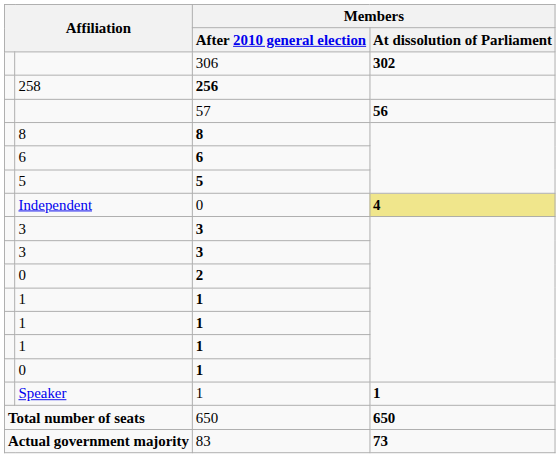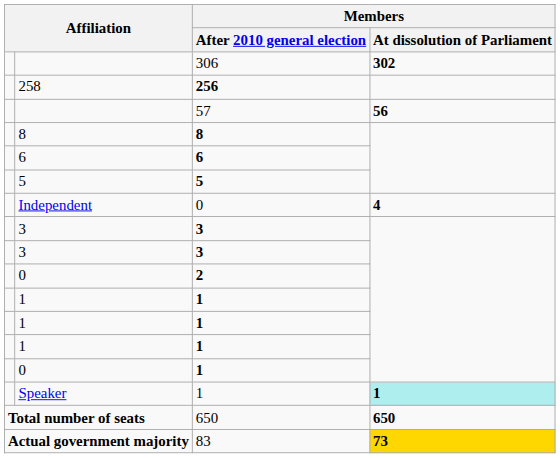 <table class="wikitable">
 <tr>
 <th colspan="2" rowspan="2" style="vertical-align:middle;">Affiliation</th>
 <th colspan="2" style="vertical-align:top;">Members</th>
 </tr>
 <tr>
 <th>After <a href='#'>2010 general election</a></th>
 <th>At dissolution of Parliament</th>
 </tr>
 <tr>
 <td style="width: 4px" bgcolor=></td>
 <td style="text-align: left;" scope="row"><a href='#'></a></td>
 <td>306</td>
 <td><strong>302</strong></td>
 </tr>
 <tr>
 <td></td>
 <td>258</td>
 <td><strong>256</strong></td>
 </tr>
 <tr>
 <td style="width: 4px" bgcolor=></td>
 <td style="text-align: left;" scope="row"><a href='#'></a></td>
 <td>57</td>
 <td><strong>56</strong></td>
 </tr>
 <tr>
 <td></td>
 <td>8</td>
 <td><strong>8</strong></td>
 </tr>
 <tr>
 <td></td>
 <td>6</td>
 <td><strong>6</strong></td>
 </tr>
 <tr>
 <td></td>
 <td>5</td>
 <td><strong>5</strong></td>
 </tr>
 <tr>
 <td style="background-color:"> </td>
 <td><a href='#'>Independent</a> <br></td>
 <td>0</td>
-<td style="background: khaki;"><strong>4</strong></td>
+<td><strong>4</strong></td>
 </tr>
 <tr>
 <td></td>
 <td>3</td>
 <td><strong>3</strong></td>
 </tr>
 <tr>
 <td></td>
 <td>3</td>
 <td><strong>3</strong></td>
 </tr>
 <tr>
 <td></td>
 <td>0</td>
 <td><strong>2</strong></td>
 </tr>
 <tr>
 <td></td>
 <td>1</td>
 <td><strong>1</strong></td>
 </tr>
 <tr>
 <td></td>
 <td>1</td>
 <td><strong>1</strong></td>
 </tr>
 <tr>
 <td></td>
 <td>1</td>
 <td><strong>1</strong></td>
 </tr>
 <tr>
 <td></td>
 <td>0</td>
 <td><strong>1</strong></td>
 </tr>
 <tr>
 <td style="background-color:"> </td>
 <td><a href='#'>Speaker</a><br></td>
 <td>1</td>
-<td><strong>1</strong></td>
+<td style="background: paleturquoise;"><strong>1</strong></td>
 </tr>
 <tr>
 <td colspan="2" rowspan="1"><strong>Total number of seats</strong><br></td>
 <td>650</td>
 <td><strong>650</strong></td>
 </tr>
 <tr>
 <td colspan="2" rowspan="1"><strong>Actual government majority</strong><br></td>
 <td>83</td>
-<td><strong>73</strong></td>
+<td style="background: gold;"><strong>73</strong></td>
 </tr>
 </table>
